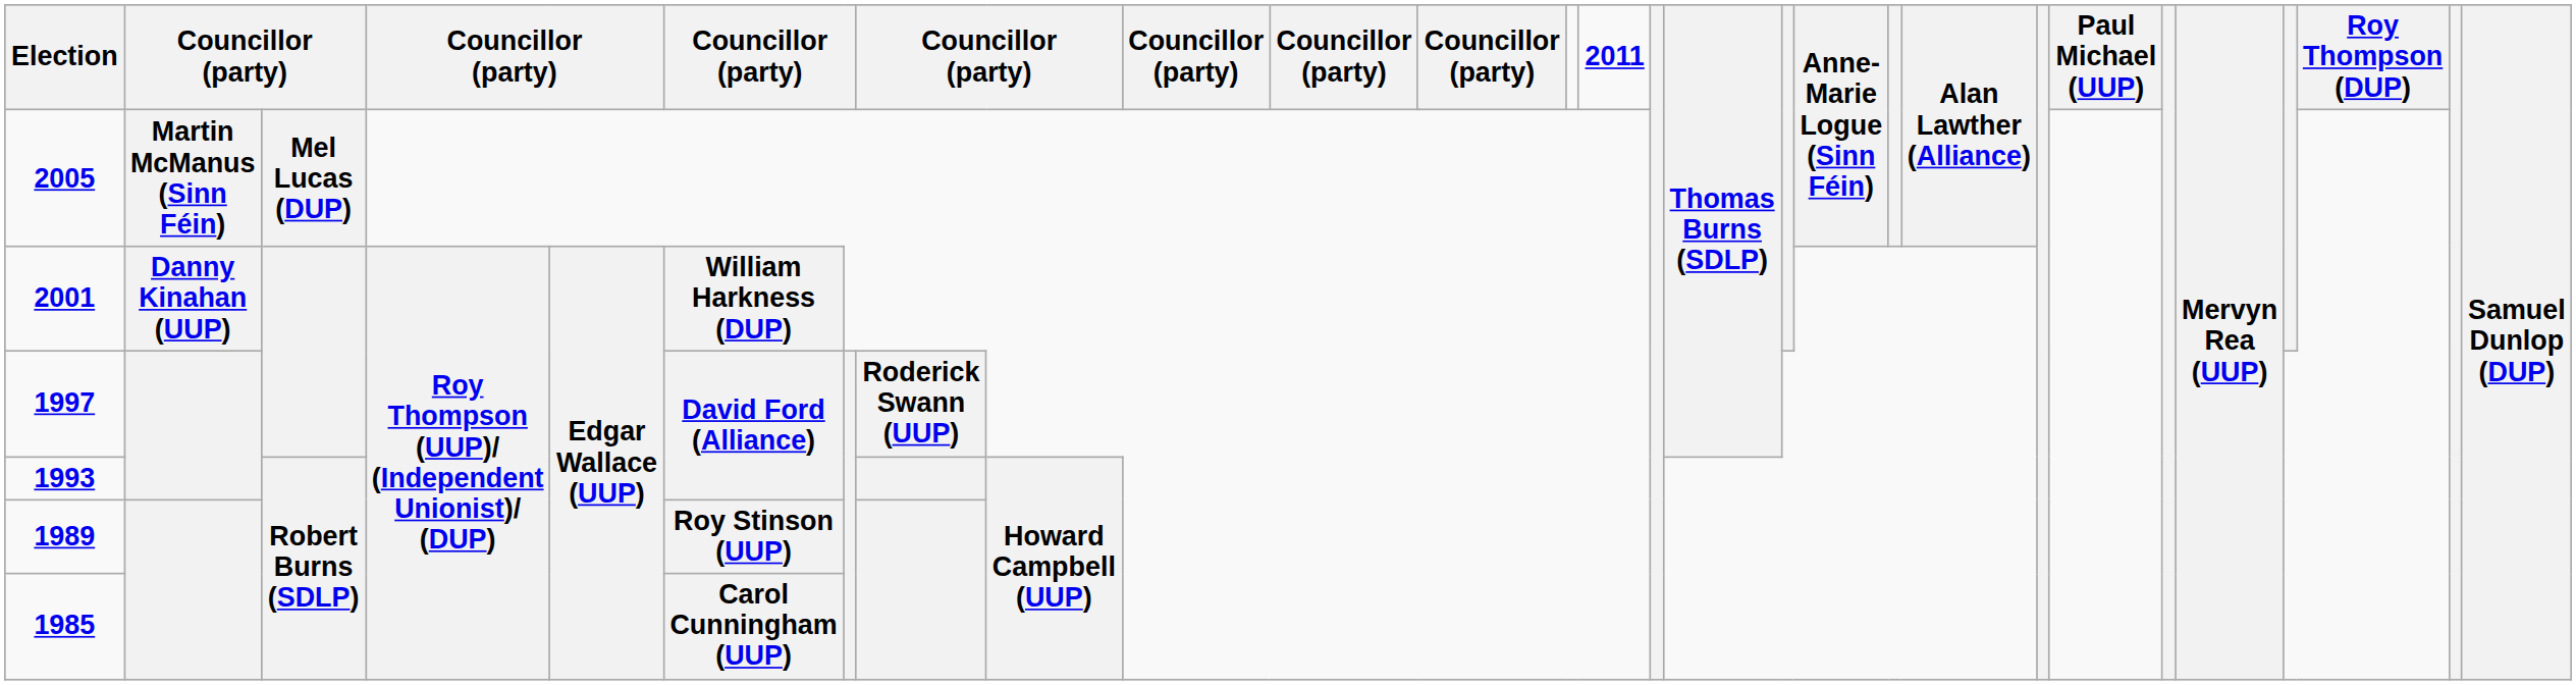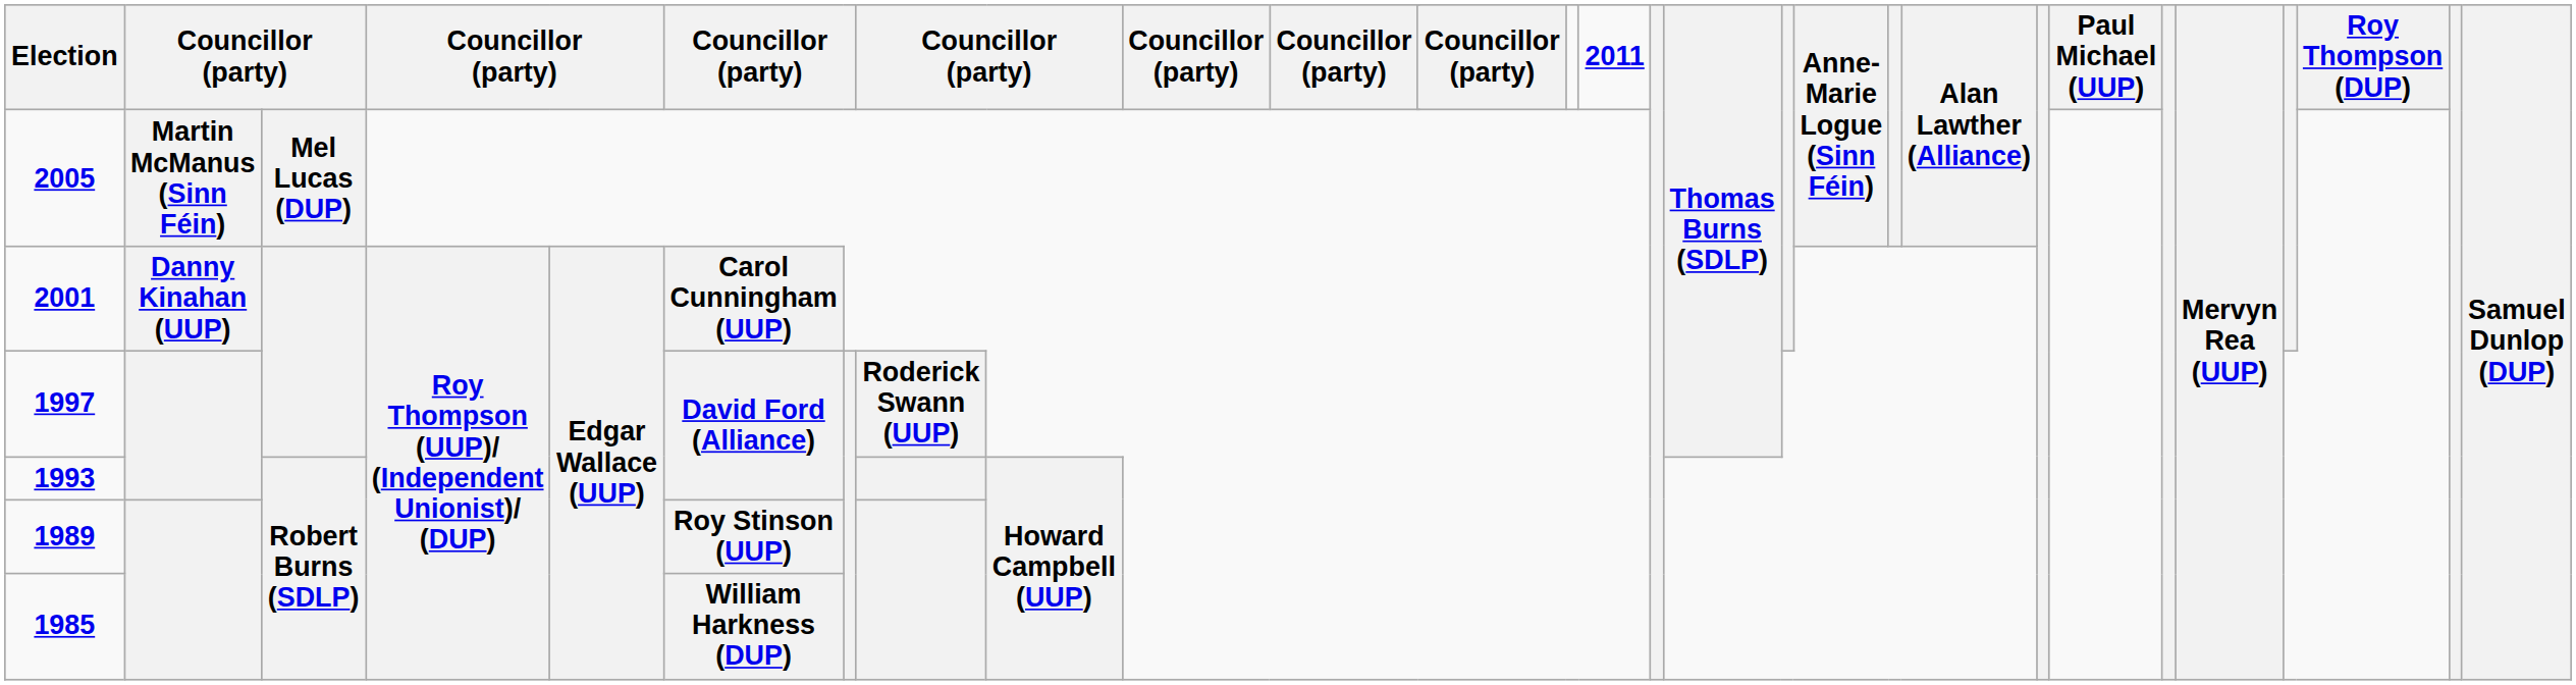 <table class="wikitable" style="text-align:center">
 <tr>
 <th scope="col" width="50">Election</th>
 <th scope="col" width="150" colspan = "2">Councillor<br> (party)</th>
 <th scope="col" width="150" colspan = "2">Councillor<br> (party)</th>
 <th scope="col" width="150" colspan = "2">Councillor<br> (party)</th>
 <th scope="col" width="150" colspan = "2">Councillor<br> (party)</th>
 <th scope="col" width="150" colspan = "2">Councillor<br> (party)</th>
 <th scope="col" width="150" colspan = "2">Councillor<br> (party)</th>
 <th scope="col" width="150" colspan = "2">Councillor<br> (party)</th>
 <td></td>
 <td><strong><a href='#'>2011</a></strong></td>
 <th rowspan="7" width="1" style="background-color: "></th>
 <th rowspan = "4"><a href='#'>Thomas Burns</a> <br> (<a href='#'>SDLP</a>)</th>
 <th rowspan="3" width="1" style="background-color: "></th>
 <th rowspan = "2">Anne-Marie Logue <br> (<a href='#'>Sinn Féin</a>)</th>
 <th rowspan="2" width="1" style="background-color: "></th>
 <th rowspan = "2">Alan Lawther <br> (<a href='#'>Alliance</a>)</th>
 <th rowspan="7" width="1" style="background-color: "></th>
 <th rowspan = "1">Paul Michael <br> (<a href='#'>UUP</a>)</th>
 <th rowspan="7" width="1" style="background-color: "></th>
 <th rowspan = "7">Mervyn Rea <br> (<a href='#'>UUP</a>)</th>
 <th rowspan="3" width="1" style="background-color: "></th>
 <th rowspan = "1"><a href='#'>Roy Thompson</a> <br> (<a href='#'>DUP</a>)</th>
 <th rowspan="7" width="1" style="background-color: "></th>
 <th rowspan = "7">Samuel Dunlop <br> (<a href='#'>DUP</a>)</th>
 </tr>
 <tr>
 <td><strong><a href='#'>2005</a></strong></td>
 <th rowspan = "1">Martin McManus <br> (<a href='#'>Sinn Féin</a>)</th>
 <th rowspan = "1">Mel Lucas <br> (<a href='#'>DUP</a>)</th>
 </tr>
 <tr>
 <td><strong><a href='#'>2001</a></strong></td>
 <th rowspan = "1"><a href='#'>Danny Kinahan</a> <br> (<a href='#'>UUP</a>)</th>
 <th rowspan="2" width="1" style="background-color: "></th>
 <th rowspan = "5"><a href='#'>Roy Thompson</a> <br> (<a href='#'>UUP</a>)/ (<a href='#'>Independent Unionist</a>)/ <br> (<a href='#'>DUP</a>)</th>
 <th rowspan = "5">Edgar Wallace <br> (<a href='#'>UUP</a>)</th>
-<th rowspan = "1">William Harkness <br> (<a href='#'>DUP</a>)</th>
+<th rowspan = "1">Carol Cunningham <br> (<a href='#'>UUP</a>)</th>
 </tr>
 <tr>
 <td><strong><a href='#'>1997</a></strong></td>
 <th rowspan="2" width="1" style="background-color: "></th>
 <th rowspan = "2"><a href='#'>David Ford</a> <br> (<a href='#'>Alliance</a>)</th>
 <th rowspan="4" width="1" style="background-color: "></th>
 <th rowspan = "1">Roderick Swann <br> (<a href='#'>UUP</a>)</th>
 </tr>
 <tr>
 <td><strong><a href='#'>1993</a></strong></td>
 <th rowspan = "3">Robert Burns <br> (<a href='#'>SDLP</a>)</th>
 <th rowspan="1" width="1" style="background-color: "></th>
 <th rowspan = "3">Howard Campbell <br> (<a href='#'>UUP</a>)</th>
 </tr>
 <tr>
 <td><strong><a href='#'>1989</a></strong></td>
 <th rowspan="2" width="1" style="background-color: "></th>
 <th rowspan = "1">Roy Stinson <br> (<a href='#'>UUP</a>)</th>
 <th rowspan="2" width="1" style="background-color: "></th>
 </tr>
 <tr>
 <td><strong><a href='#'>1985</a></strong></td>
-<th rowspan = "1">Carol Cunningham <br> (<a href='#'>UUP</a>)</th>
+<th rowspan = "1">William Harkness <br> (<a href='#'>DUP</a>)</th>
 </tr>
 </table>
